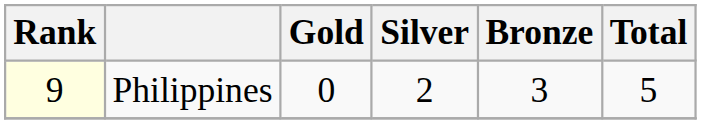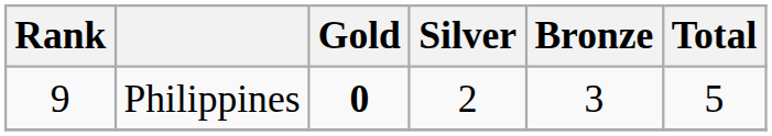 <table class=wikitable style="text-align:center">
 <tr>
 <th>Rank</th>
 <th></th>
 <th>Gold</th>
 <th>Silver</th>
 <th>Bronze</th>
 <th>Total</th>
 </tr>
 <tr>
-<td style="background: lightyellow;">9</td>
+<td>9</td>
 <td style="text-align:left"> Philippines</td>
-<td>0</td>
+<td><strong>0</strong></td>
 <td>2</td>
 <td>3</td>
 <td>5</td>
 </tr>
 <tr>
 </tr>
 </table>
